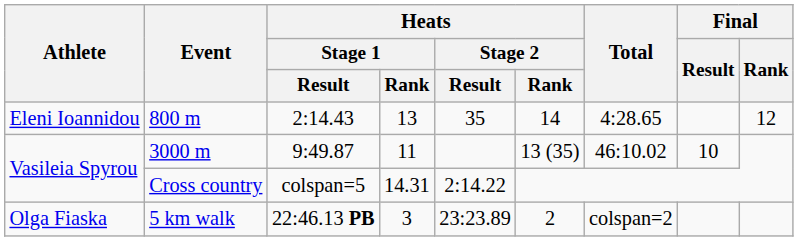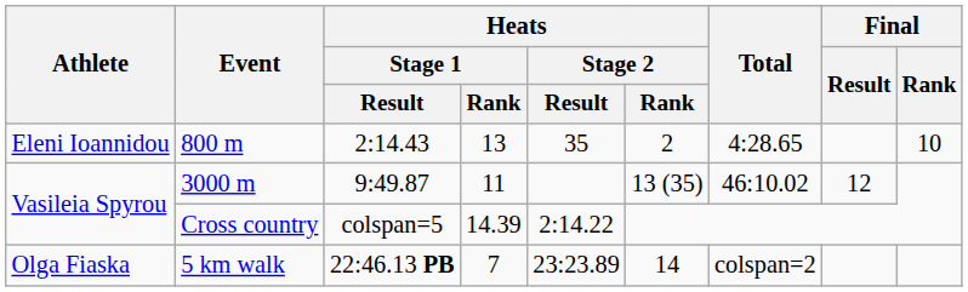 <table class="wikitable" style="font-size:90%">
 <tr>
 <th rowspan=3>Athlete</th>
 <th rowspan=3>Event</th>
 <th colspan=4>Heats</th>
 <th rowspan=3>Total</th>
 <th colspan=2>Final</th>
 </tr>
 <tr style="font-size:95%">
 <th colspan=2>Stage 1</th>
 <th colspan=2>Stage 2</th>
 <th rowspan=2>Result</th>
 <th rowspan=2>Rank</th>
 </tr>
 <tr style="font-size:95%">
 <th>Result</th>
 <th>Rank</th>
 <th>Result</th>
 <th>Rank</th>
 </tr>
 <tr align=center>
 <td align=left><a href='#'>Eleni Ioannidou</a></td>
 <td align=left><a href='#'>800 m</a></td>
 <td>2:14.43</td>
 <td>13</td>
 <td>35</td>
-<td>14</td>
+<td>2</td>
 <td>4:28.65</td>
 <td></td>
-<td>12</td>
+<td>10</td>
 </tr>
 <tr align=center>
 <td align=left rowspan=2><a href='#'>Vasileia Spyrou</a></td>
 <td align=left><a href='#'>3000 m</a></td>
 <td>9:49.87</td>
 <td>11</td>
 <td></td>
 <td>13 (35)</td>
 <td>46:10.02</td>
-<td>10</td>
+<td>12</td>
 </tr>
 <tr align=center>
 <td align=left><a href='#'>Cross country</a></td>
 <td>colspan=5 </td>
-<td>14.31</td>
+<td>14.39</td>
 <td>2:14.22</td>
 </tr>
 <tr align=center>
 <td align=left><a href='#'>Olga Fiaska</a></td>
 <td align=left><a href='#'>5 km walk</a></td>
 <td>22:46.13 <strong>PB</strong></td>
-<td>3</td>
+<td>7</td>
 <td>23:23.89</td>
-<td>2</td>
+<td>14</td>
 <td>colspan=2 </td>
 <td></td>
 <td></td>
 </tr>
 </table>
